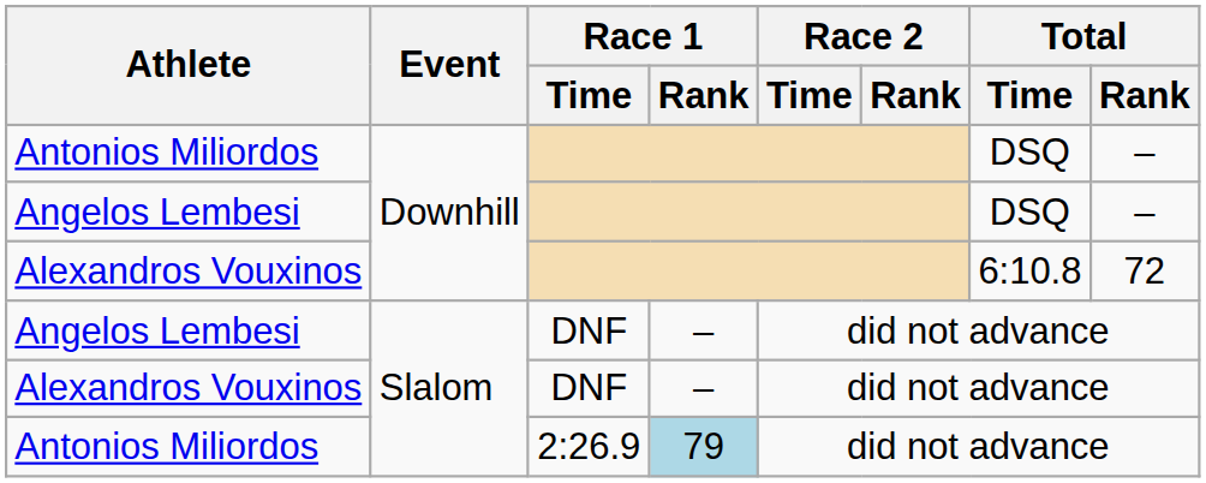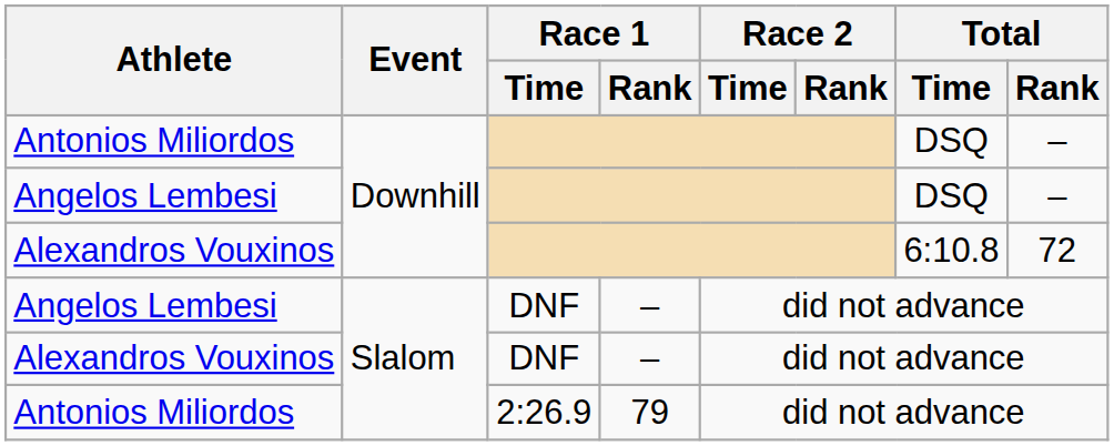 <table class="wikitable" style="font-size:90%">
 <tr>
 <th rowspan="2">Athlete</th>
 <th rowspan="2">Event</th>
 <th colspan="2">Race 1</th>
 <th colspan="2">Race 2</th>
 <th colspan="2">Total</th>
 </tr>
 <tr>
 <th>Time</th>
 <th>Rank</th>
 <th>Time</th>
 <th>Rank</th>
 <th>Time</th>
 <th>Rank</th>
 </tr>
 <tr>
 <td><a href='#'>Antonios Miliordos</a></td>
 <td rowspan="3">Downhill</td>
 <td colspan="4" bgcolor="wheat"></td>
 <td align="center">DSQ</td>
 <td align="center">–</td>
 </tr>
 <tr>
 <td><a href='#'>Angelos Lembesi</a></td>
 <td colspan="4" bgcolor="wheat"></td>
 <td align="center">DSQ</td>
 <td align="center">–</td>
 </tr>
 <tr>
 <td><a href='#'>Alexandros Vouxinos</a></td>
 <td colspan="4" bgcolor="wheat"></td>
 <td align="center">6:10.8</td>
 <td align="center">72</td>
 </tr>
 <tr>
 <td><a href='#'>Angelos Lembesi</a></td>
 <td rowspan="3">Slalom</td>
 <td align="center">DNF</td>
 <td align="center">–</td>
 <td colspan="4" align="center">did not advance</td>
 </tr>
 <tr>
 <td><a href='#'>Alexandros Vouxinos</a></td>
 <td align="center">DNF</td>
 <td align="center">–</td>
 <td colspan="4" align="center">did not advance</td>
 </tr>
 <tr>
 <td><a href='#'>Antonios Miliordos</a></td>
 <td align="center">2:26.9</td>
-<td align="center" style="background: lightblue;">79</td>
+<td align="center">79</td>
 <td colspan="4" align="center">did not advance</td>
 </tr>
 </table>
